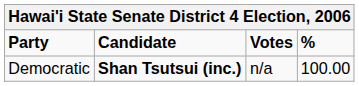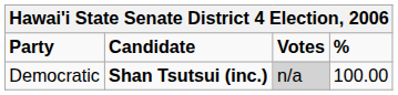 <table class="wikitable">
 <tr>
 <th colspan="4">Hawai'i State Senate District 4 Election, 2006</th>
 </tr>
 <tr>
 <td><strong>Party</strong></td>
 <td><strong>Candidate</strong></td>
 <td><strong>Votes</strong></td>
 <td><strong>%</strong></td>
 </tr>
 <tr>
 <td>Democratic</td>
 <td><strong>Shan Tsutsui (inc.)</strong></td>
-<td>n/a</td>
+<td style="background: lightgrey;">n/a</td>
 <td>100.00</td>
 </tr>
 </table>
